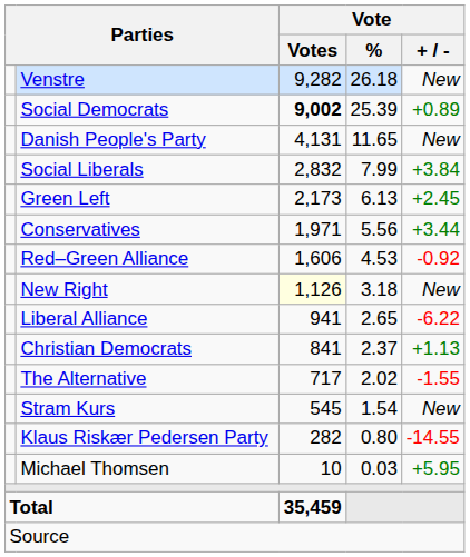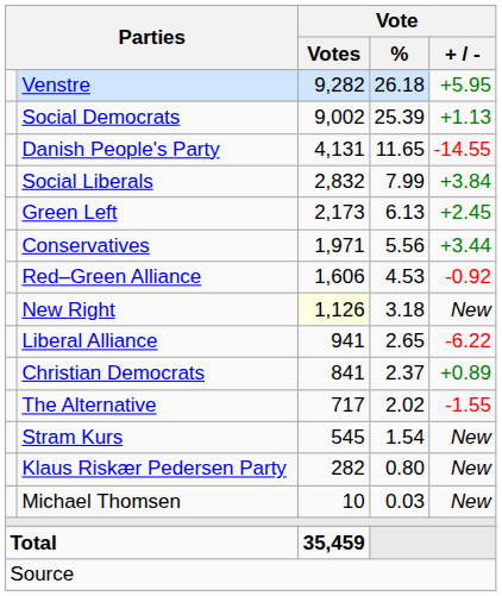 <table class="wikitable" style="text-align:right;">
 <tr>
 <th style="text-align:centre;" rowspan="2" colspan="2" width="225">Parties</th>
 <th colspan="3">Vote</th>
 </tr>
 <tr>
 <th width="15">Votes</th>
 <th width="15">%</th>
 <th width="15">+ / -</th>
 </tr>
 <tr>
 <td width="2" style="color:inherit;background:"></td>
 <td bgcolor=#cfe5fe  align="left"><a href='#'>Venstre</a></td>
 <td bgcolor=#cfe5fe>9,282</td>
 <td bgcolor=#cfe5fe>26.18</td>
-<td><em>New</em></td>
+<td style=color:green;>+5.95</td>
 </tr>
 <tr>
 <td width="2" style="color:inherit;background:"></td>
 <td align="left"><a href='#'>Social Democrats</a></td>
-<td><strong>9,002</strong></td>
+<td>9,002</td>
 <td>25.39</td>
-<td style=color:green;>+0.89</td>
+<td style=color:green;>+1.13</td>
 </tr>
 <tr>
 <td width="2" style="color:inherit;background:"></td>
 <td align="left"><a href='#'>Danish People's Party</a></td>
 <td>4,131</td>
 <td>11.65</td>
-<td><em>New</em></td>
+<td style=color:red;>-14.55</td>
 </tr>
 <tr>
 <td width="2" style="color:inherit;background:"></td>
 <td align="left"><a href='#'>Social Liberals</a></td>
 <td>2,832</td>
 <td>7.99</td>
 <td style=color:green;>+3.84</td>
 </tr>
 <tr>
 <td width="2" style="color:inherit;background:"></td>
 <td align="left"><a href='#'>Green Left</a></td>
 <td>2,173</td>
 <td>6.13</td>
 <td style=color:green;>+2.45</td>
 </tr>
 <tr>
 <td width="2" style="color:inherit;background:"></td>
 <td align="left"><a href='#'>Conservatives</a></td>
 <td>1,971</td>
 <td>5.56</td>
 <td style=color:green;>+3.44</td>
 </tr>
 <tr>
 <td width="2" style="color:inherit;background:"></td>
 <td align="left"><a href='#'>Red–Green Alliance</a></td>
 <td>1,606</td>
 <td>4.53</td>
 <td style=color:red;>-0.92</td>
 </tr>
 <tr>
 <td width="2" style="color:inherit;background:"></td>
 <td align="left"><a href='#'>New Right</a></td>
 <td style="background: lightyellow;">1,126</td>
 <td>3.18</td>
 <td><em>New</em></td>
 </tr>
 <tr>
 <td width="2" style="color:inherit;background:"></td>
 <td align="left"><a href='#'>Liberal Alliance</a></td>
 <td>941</td>
 <td>2.65</td>
 <td style=color:red;>-6.22</td>
 </tr>
 <tr>
 <td width="2" style="color:inherit;background:"></td>
 <td align="left"><a href='#'>Christian Democrats</a></td>
 <td>841</td>
 <td>2.37</td>
-<td style=color:green;>+1.13</td>
+<td style=color:green;>+0.89</td>
 </tr>
 <tr>
 <td width="2" style="color:inherit;background:"></td>
 <td align="left"><a href='#'>The Alternative</a></td>
 <td>717</td>
 <td>2.02</td>
 <td style=color:red;>-1.55</td>
 </tr>
 <tr>
 <td width="2" style="color:inherit;background:"></td>
 <td align="left"><a href='#'>Stram Kurs</a></td>
 <td>545</td>
 <td>1.54</td>
 <td><em>New</em></td>
 </tr>
 <tr>
 <td width="2" style="color:inherit;background:"></td>
 <td align="left"><a href='#'>Klaus Riskær Pedersen Party</a></td>
 <td>282</td>
 <td>0.80</td>
-<td style=color:red;>-14.55</td>
+<td><em>New</em></td>
 </tr>
 <tr>
 <td width="2" style="color:inherit;background:"></td>
 <td align="left">Michael Thomsen</td>
 <td>10</td>
 <td>0.03</td>
-<td style=color:green;>+5.95</td>
+<td><em>New</em></td>
 </tr>
 <tr>
 <td colspan="7" bgcolor="#E9E9E9"></td>
 </tr>
 <tr>
 <td align="left" colspan="2"><strong>Total</strong></td>
 <td><strong>35,459</strong></td>
 <td bgcolor="#E9E9E9" colspan="2"></td>
 </tr>
 <tr>
 <td align="left" colspan="6">Source</td>
 </tr>
 </table>
